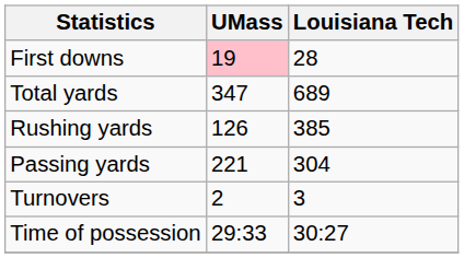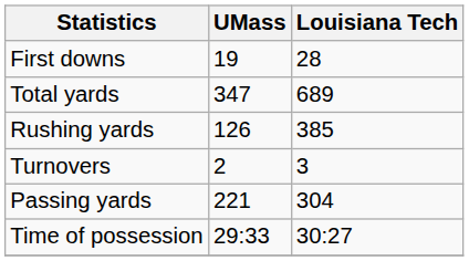 <table class="wikitable" style="float: left;">
 <tr>
 <th>Statistics</th>
 <th>UMass</th>
 <th>Louisiana Tech</th>
 </tr>
 <tr>
 <td>First downs</td>
-<td style="background: pink;">19</td>
+<td>19</td>
 <td>28</td>
 </tr>
 <tr>
 <td>Total yards</td>
 <td>347</td>
 <td>689</td>
 </tr>
 <tr>
 <td>Rushing yards</td>
 <td>126</td>
 <td>385</td>
 </tr>
 <tr>
+<td>Turnovers</td>
+<td>2</td>
+<td>3</td>
+</tr>
+<tr>
 <td>Passing yards</td>
 <td>221</td>
 <td>304</td>
-</tr>
-<tr>
-<td>Turnovers</td>
-<td>2</td>
-<td>3</td>
 </tr>
 <tr>
 <td>Time of possession</td>
 <td>29:33</td>
 <td>30:27</td>
 </tr>
 <tr>
 </tr>
 </table>
